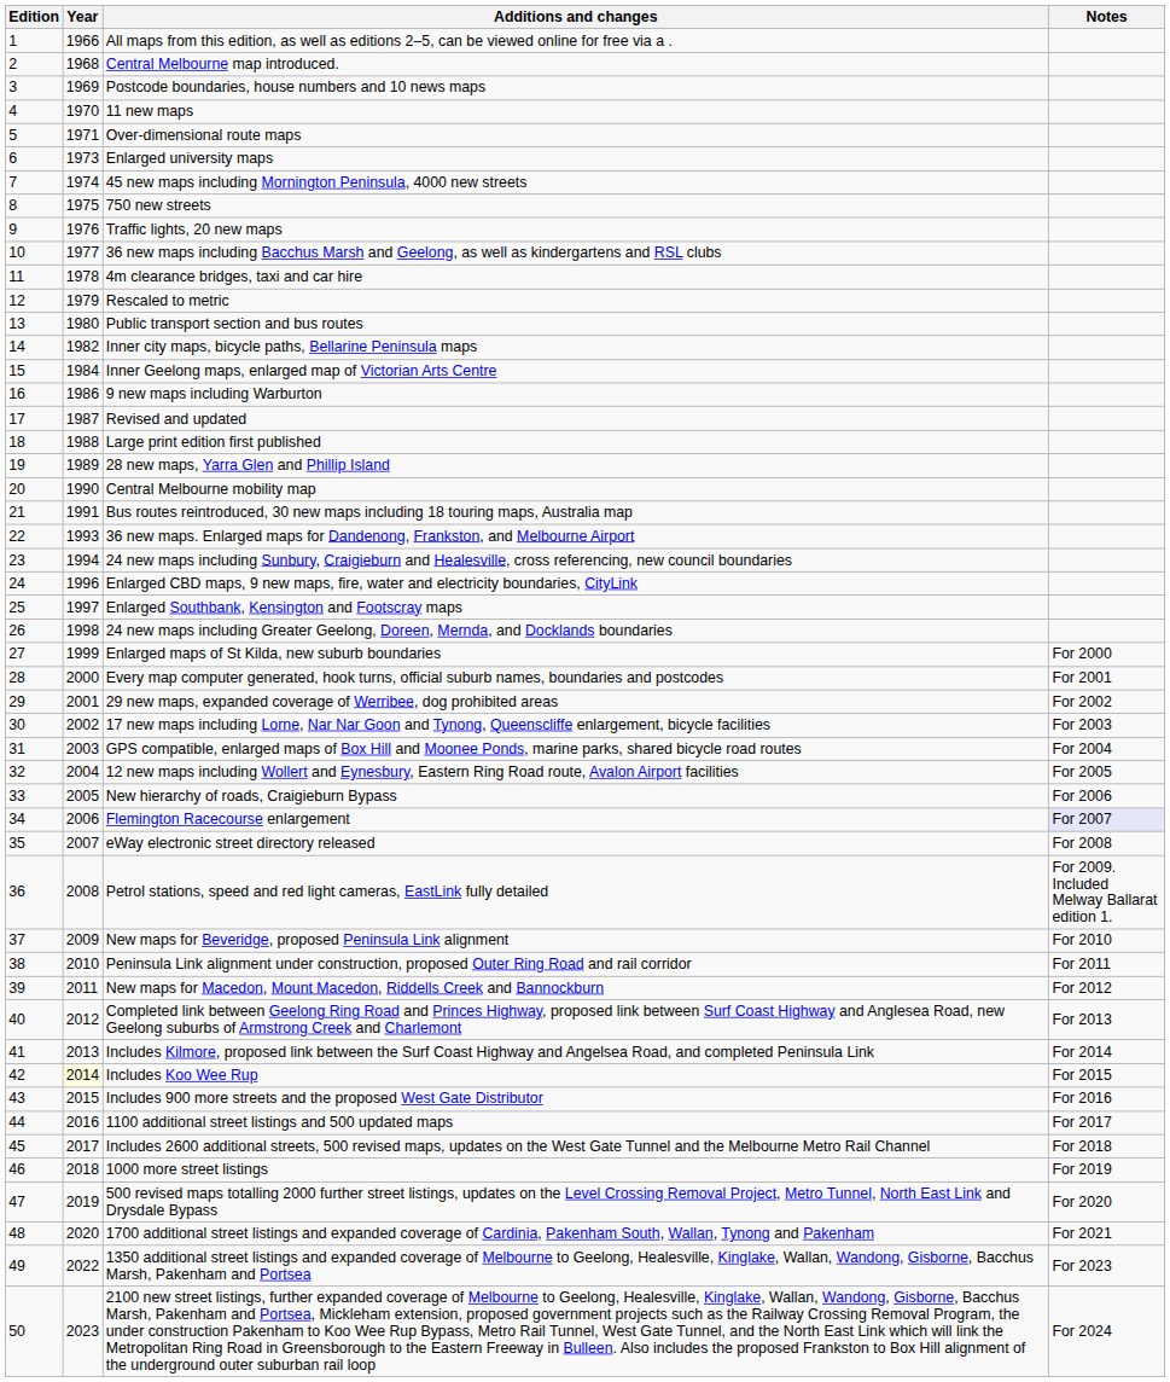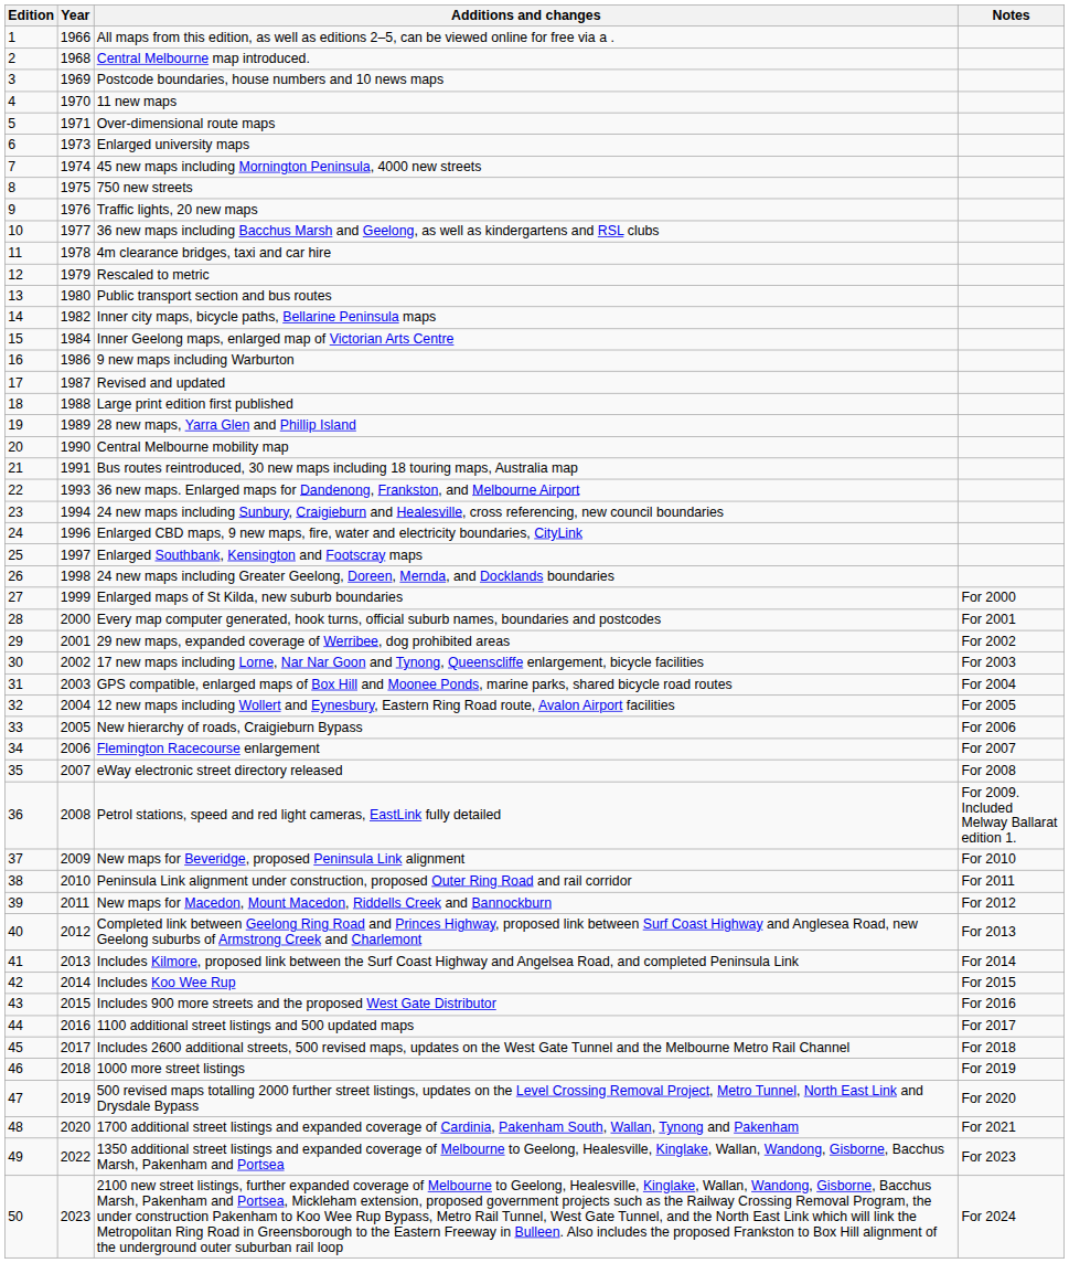 <table class="wikitable">
 <tr>
 <th>Edition</th>
 <th>Year</th>
 <th>Additions and changes</th>
 <th>Notes</th>
 </tr>
 <tr>
 <td>1</td>
 <td>1966</td>
 <td>All maps from this edition, as well as editions 2–5, can be viewed online for free via a .</td>
 <td></td>
 </tr>
 <tr>
 <td>2</td>
 <td>1968</td>
 <td><a href='#'>Central Melbourne</a> map introduced.</td>
 <td></td>
 </tr>
 <tr>
 <td>3</td>
 <td>1969</td>
 <td>Postcode boundaries, house numbers and 10 news maps</td>
 <td></td>
 </tr>
 <tr>
 <td>4</td>
 <td>1970</td>
 <td>11 new maps</td>
 <td></td>
 </tr>
 <tr>
 <td>5</td>
 <td>1971</td>
 <td>Over-dimensional route maps</td>
 <td></td>
 </tr>
 <tr>
 <td>6</td>
 <td>1973</td>
 <td>Enlarged university maps</td>
 <td></td>
 </tr>
 <tr>
 <td>7</td>
 <td>1974</td>
 <td>45 new maps including <a href='#'>Mornington Peninsula</a>, 4000 new streets</td>
 <td></td>
 </tr>
 <tr>
 <td>8</td>
 <td>1975</td>
 <td>750 new streets</td>
 <td></td>
 </tr>
 <tr>
 <td>9</td>
 <td>1976</td>
 <td>Traffic lights, 20 new maps</td>
 <td></td>
 </tr>
 <tr>
 <td>10</td>
 <td>1977</td>
 <td>36 new maps including <a href='#'>Bacchus Marsh</a> and <a href='#'>Geelong</a>, as well as kindergartens and <a href='#'>RSL</a> clubs</td>
 <td></td>
 </tr>
 <tr>
 <td>11</td>
 <td>1978</td>
 <td>4m clearance bridges, taxi and car hire</td>
 <td></td>
 </tr>
 <tr>
 <td>12</td>
 <td>1979</td>
 <td>Rescaled to metric</td>
 <td></td>
 </tr>
 <tr>
 <td>13</td>
 <td>1980</td>
 <td>Public transport section and bus routes</td>
 <td></td>
 </tr>
 <tr>
 <td>14</td>
 <td>1982</td>
 <td>Inner city maps, bicycle paths, <a href='#'>Bellarine Peninsula</a> maps</td>
 <td></td>
 </tr>
 <tr>
 <td>15</td>
 <td>1984</td>
 <td>Inner Geelong maps, enlarged map of <a href='#'>Victorian Arts Centre</a></td>
 <td></td>
 </tr>
 <tr>
 <td>16</td>
 <td>1986</td>
 <td>9 new maps including Warburton</td>
 <td></td>
 </tr>
 <tr>
 <td>17</td>
 <td>1987</td>
 <td>Revised and updated</td>
 <td></td>
 </tr>
 <tr>
 <td>18</td>
 <td>1988</td>
 <td>Large print edition first published</td>
 <td></td>
 </tr>
 <tr>
 <td>19</td>
 <td>1989</td>
 <td>28 new maps, <a href='#'>Yarra Glen</a> and <a href='#'>Phillip Island</a></td>
 <td></td>
 </tr>
 <tr>
 <td>20</td>
 <td>1990</td>
 <td>Central Melbourne mobility map</td>
 <td></td>
 </tr>
 <tr>
 <td>21</td>
 <td>1991</td>
 <td>Bus routes reintroduced, 30 new maps including 18 touring maps, Australia map</td>
 <td></td>
 </tr>
 <tr>
 <td>22</td>
 <td>1993</td>
 <td>36 new maps. Enlarged maps for <a href='#'>Dandenong</a>, <a href='#'>Frankston</a>, and <a href='#'>Melbourne Airport</a></td>
 <td></td>
 </tr>
 <tr>
 <td>23</td>
 <td>1994</td>
 <td>24 new maps including <a href='#'>Sunbury</a>, <a href='#'>Craigieburn</a> and <a href='#'>Healesville</a>, cross referencing, new council boundaries</td>
 <td></td>
 </tr>
 <tr>
 <td>24</td>
 <td>1996</td>
 <td>Enlarged CBD maps, 9 new maps, fire, water and electricity boundaries, <a href='#'>CityLink</a></td>
 <td></td>
 </tr>
 <tr>
 <td>25</td>
 <td>1997</td>
 <td>Enlarged <a href='#'>Southbank</a>, <a href='#'>Kensington</a> and <a href='#'>Footscray</a> maps</td>
 <td></td>
 </tr>
 <tr>
 <td>26</td>
 <td>1998</td>
 <td>24 new maps including Greater Geelong, <a href='#'>Doreen</a>, <a href='#'>Mernda</a>, and <a href='#'>Docklands</a> boundaries</td>
 <td></td>
 </tr>
 <tr>
 <td>27</td>
 <td>1999</td>
 <td>Enlarged maps of St Kilda, new suburb boundaries</td>
 <td>For 2000</td>
 </tr>
 <tr>
 <td>28</td>
 <td>2000</td>
 <td>Every map computer generated, hook turns, official suburb names, boundaries and postcodes</td>
 <td>For 2001</td>
 </tr>
 <tr>
 <td>29</td>
 <td>2001</td>
 <td>29 new maps, expanded coverage of <a href='#'>Werribee</a>, dog prohibited areas</td>
 <td>For 2002</td>
 </tr>
 <tr>
 <td>30</td>
 <td>2002</td>
 <td>17 new maps including <a href='#'>Lorne</a>, <a href='#'>Nar Nar Goon</a> and <a href='#'>Tynong</a>, <a href='#'>Queenscliffe</a> enlargement, bicycle facilities</td>
 <td>For 2003</td>
 </tr>
 <tr>
 <td>31</td>
 <td>2003</td>
 <td>GPS compatible, enlarged maps of <a href='#'>Box Hill</a> and <a href='#'>Moonee Ponds</a>, marine parks, shared bicycle road routes</td>
 <td>For 2004</td>
 </tr>
 <tr>
 <td>32</td>
 <td>2004</td>
 <td>12 new maps including <a href='#'>Wollert</a> and <a href='#'>Eynesbury</a>, Eastern Ring Road route, <a href='#'>Avalon Airport</a> facilities</td>
 <td>For 2005</td>
 </tr>
 <tr>
 <td>33</td>
 <td>2005</td>
 <td>New hierarchy of roads, Craigieburn Bypass</td>
 <td>For 2006</td>
 </tr>
 <tr>
 <td>34</td>
 <td>2006</td>
 <td><a href='#'>Flemington Racecourse</a> enlargement</td>
-<td style="background: lavender;">For 2007</td>
+<td>For 2007</td>
 </tr>
 <tr>
 <td>35</td>
 <td>2007</td>
 <td>eWay electronic street directory released</td>
 <td>For 2008</td>
 </tr>
 <tr>
 <td>36</td>
 <td>2008</td>
 <td>Petrol stations, speed and red light cameras, <a href='#'>EastLink</a> fully detailed</td>
 <td>For 2009. Included Melway Ballarat edition 1.</td>
 </tr>
 <tr>
 <td>37</td>
 <td>2009</td>
 <td>New maps for <a href='#'>Beveridge</a>, proposed <a href='#'>Peninsula Link</a> alignment</td>
 <td>For 2010</td>
 </tr>
 <tr>
 <td>38</td>
 <td>2010</td>
 <td>Peninsula Link alignment under construction, proposed <a href='#'>Outer Ring Road</a> and rail corridor</td>
 <td>For 2011</td>
 </tr>
 <tr>
 <td>39</td>
 <td>2011</td>
 <td>New maps for <a href='#'>Macedon</a>, <a href='#'>Mount Macedon</a>, <a href='#'>Riddells Creek</a> and <a href='#'>Bannockburn</a></td>
 <td>For 2012</td>
 </tr>
 <tr>
 <td>40</td>
 <td>2012</td>
 <td>Completed link between <a href='#'>Geelong Ring Road</a> and <a href='#'>Princes Highway</a>, proposed link between <a href='#'>Surf Coast Highway</a> and Anglesea Road, new Geelong suburbs of <a href='#'>Armstrong Creek</a> and <a href='#'>Charlemont</a></td>
 <td>For 2013</td>
 </tr>
 <tr>
 <td>41</td>
 <td>2013</td>
 <td>Includes <a href='#'>Kilmore</a>, proposed link between the Surf Coast Highway and Angelsea Road, and completed Peninsula Link</td>
 <td>For 2014</td>
 </tr>
 <tr>
 <td>42</td>
-<td style="background: lightyellow;">2014</td>
+<td>2014</td>
 <td>Includes <a href='#'>Koo Wee Rup</a></td>
 <td>For 2015</td>
 </tr>
 <tr>
 <td>43</td>
 <td>2015</td>
 <td>Includes 900 more streets and the proposed <a href='#'>West Gate Distributor</a></td>
 <td>For 2016</td>
 </tr>
 <tr>
 <td>44</td>
 <td>2016</td>
 <td>1100 additional street listings and 500 updated maps</td>
 <td>For 2017</td>
 </tr>
 <tr>
 <td>45</td>
 <td>2017</td>
 <td>Includes 2600 additional streets, 500 revised maps, updates on the West Gate Tunnel and the Melbourne Metro Rail Channel</td>
 <td>For 2018</td>
 </tr>
 <tr>
 <td>46</td>
 <td>2018</td>
 <td>1000 more street listings</td>
 <td>For 2019</td>
 </tr>
 <tr>
 <td>47</td>
 <td>2019</td>
 <td>500 revised maps totalling 2000 further street listings, updates on the <a href='#'>Level Crossing Removal Project</a>, <a href='#'>Metro Tunnel</a>, <a href='#'>North East Link</a> and Drysdale Bypass</td>
 <td>For 2020</td>
 </tr>
 <tr>
 <td>48</td>
 <td>2020</td>
 <td>1700 additional street listings and expanded coverage of <a href='#'>Cardinia</a>, <a href='#'>Pakenham South</a>, <a href='#'>Wallan</a>, <a href='#'>Tynong</a> and <a href='#'>Pakenham</a></td>
 <td>For 2021</td>
 </tr>
 <tr>
 <td>49</td>
 <td>2022</td>
 <td>1350 additional street listings and expanded coverage of <a href='#'>Melbourne</a> to Geelong, Healesville, <a href='#'>Kinglake</a>, Wallan, <a href='#'>Wandong</a>, <a href='#'>Gisborne</a>, Bacchus Marsh, Pakenham and <a href='#'>Portsea</a></td>
 <td>For 2023</td>
 </tr>
 <tr>
 <td>50</td>
 <td>2023</td>
 <td>2100 new street listings, further expanded coverage of <a href='#'>Melbourne</a> to Geelong, Healesville, <a href='#'>Kinglake</a>, Wallan, <a href='#'>Wandong</a>, <a href='#'>Gisborne</a>, Bacchus Marsh, Pakenham and <a href='#'>Portsea</a>, Mickleham extension, proposed government projects such as the Railway Crossing Removal Program, the under construction Pakenham to Koo Wee Rup Bypass, Metro Rail Tunnel, West Gate Tunnel, and the North East Link which will link the Metropolitan Ring Road in Greensborough to the Eastern Freeway in <a href='#'>Bulleen</a>. Also includes the proposed Frankston to Box Hill alignment of the underground outer suburban rail loop</td>
 <td>For 2024</td>
 </tr>
 </table>
